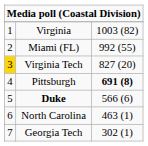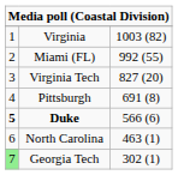 <table class="wikitable" style="display: inline-table;">
 <tr>
 <td align="center" Colspan="3"><strong>Media poll (Coastal Division)</strong></td>
 </tr>
 <tr align="center">
 </tr>
 <tr align="center">
 <td>1</td>
 <td>Virginia</td>
 <td>1003 (82)</td>
 </tr>
 <tr align="center">
 <td>2</td>
 <td>Miami (FL)</td>
 <td>992 (55)</td>
 </tr>
 <tr align="center">
-<td style="background: gold;">3</td>
+<td>3</td>
 <td>Virginia Tech</td>
 <td>827 (20)</td>
 </tr>
 <tr align="center">
 <td>4</td>
 <td>Pittsburgh</td>
-<td><strong>691 (8)</strong></td>
+<td>691 (8)</td>
 </tr>
 <tr align="center">
-<td>5</td>
+<td><strong>5</strong></td>
 <td><strong>Duke</strong></td>
 <td>566 (6)</td>
 </tr>
 <tr align="center">
 <td>6</td>
 <td>North Carolina</td>
 <td>463 (1)</td>
 </tr>
 <tr align="center">
-<td>7</td>
+<td style="background: lightgreen;">7</td>
 <td>Georgia Tech</td>
 <td>302 (1)</td>
 </tr>
 </table>
